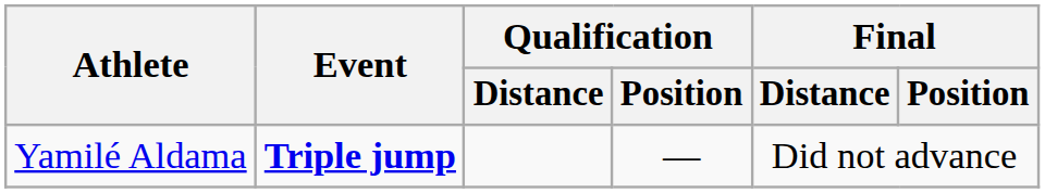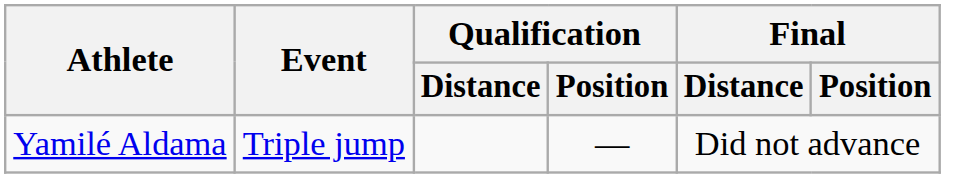 <table class=wikitable style="font-size:90%">
 <tr>
 <th rowspan="2">Athlete</th>
 <th rowspan="2">Event</th>
 <th colspan="2">Qualification</th>
 <th colspan="2">Final</th>
 </tr>
 <tr style="font-size:95%">
 <th>Distance</th>
 <th>Position</th>
 <th>Distance</th>
 <th>Position</th>
 </tr>
 <tr align=center>
 <td align=left><a href='#'>Yamilé Aldama</a></td>
-<td align=left><strong><a href='#'>Triple jump</a></strong></td>
+<td align=left><a href='#'>Triple jump</a></td>
 <td></td>
 <td>—</td>
 <td colspan=2>Did not advance</td>
 </tr>
 </table>
